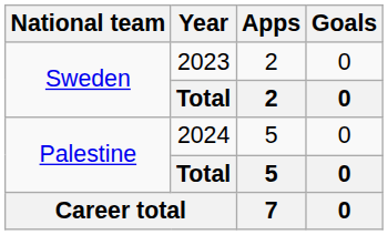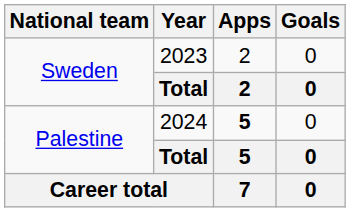 <table class="wikitable" style="text-align:center">
 <tr>
 <th>National team</th>
 <th>Year</th>
 <th>Apps</th>
 <th>Goals</th>
 </tr>
 <tr>
 <td rowspan="2"><a href='#'>Sweden</a></td>
 <td>2023</td>
 <td>2</td>
 <td>0</td>
 </tr>
 <tr>
 <th>Total</th>
 <th>2</th>
 <th>0</th>
 </tr>
 <tr>
 <td rowspan="2"><a href='#'>Palestine</a></td>
 <td>2024</td>
-<td>5</td>
+<td><strong>5</strong></td>
 <td>0</td>
 </tr>
 <tr>
 <th>Total</th>
 <th>5</th>
 <th>0</th>
 </tr>
 <tr>
 <th colspan="2">Career total</th>
 <th>7</th>
 <th>0</th>
 </tr>
 </table>
